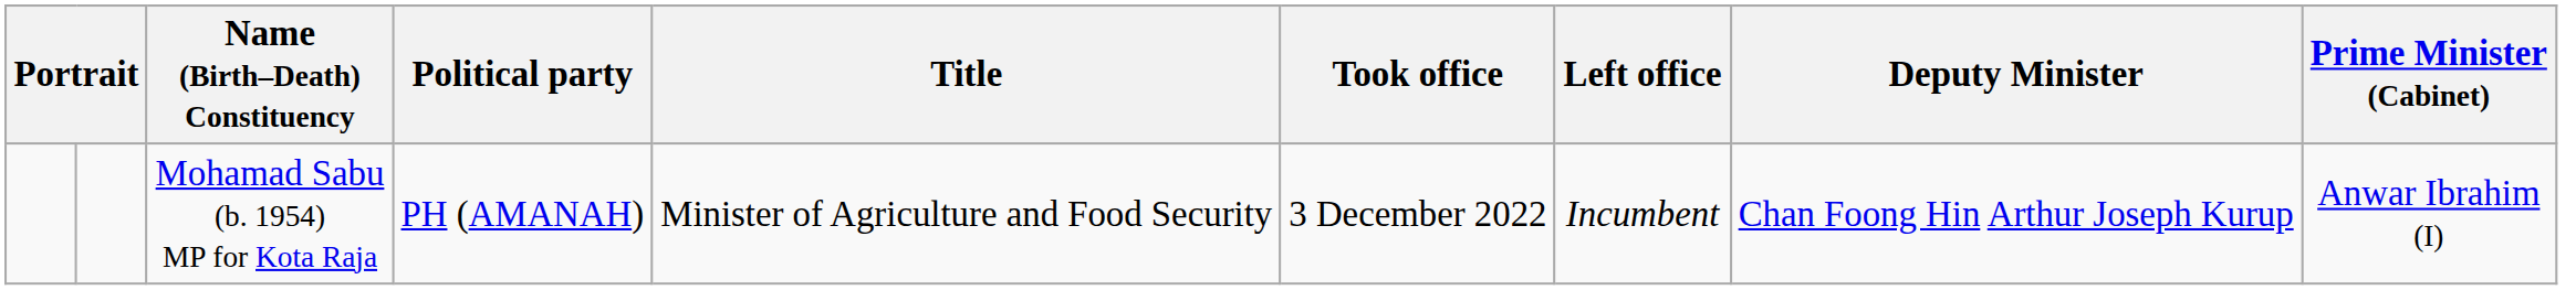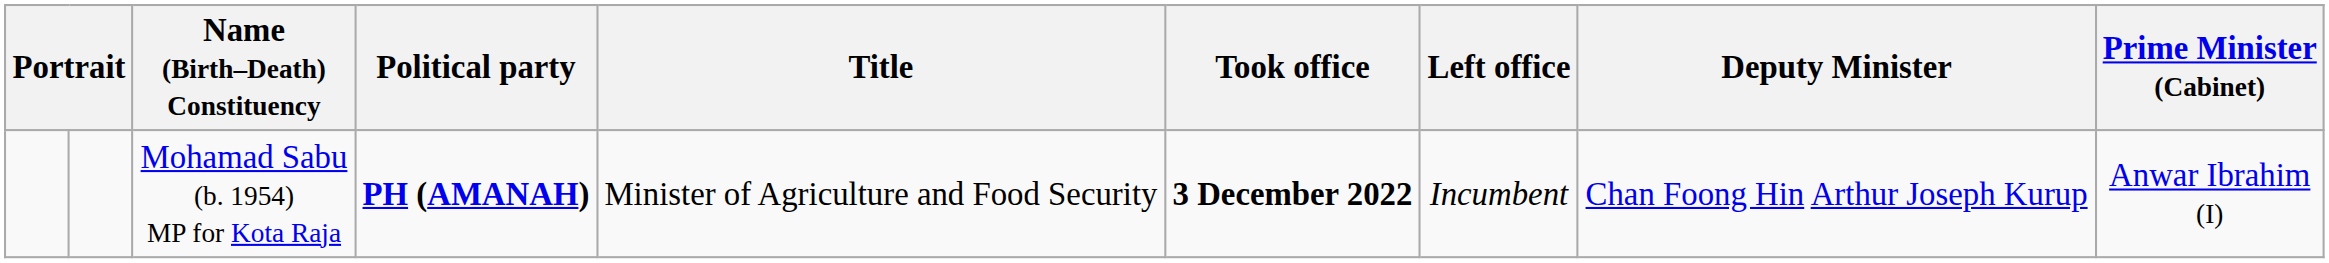 <table class="wikitable" style="text-align:center;">
 <tr>
 <th colspan=2>Portrait</th>
 <th>Name<br><small>(Birth–Death)<br>Constituency</small></th>
 <th>Political party</th>
 <th>Title</th>
 <th>Took office</th>
 <th>Left office</th>
 <th>Deputy Minister</th>
 <th><a href='#'>Prime Minister</a><br><small>(Cabinet)</small></th>
 </tr>
 <tr>
 <td ! style="background:"></td>
 <td></td>
 <td><a href='#'>Mohamad Sabu</a><br><small>(b. 1954)<br>MP for <a href='#'>Kota Raja</a></small></td>
-<td><a href='#'>PH</a> (<a href='#'>AMANAH</a>)</td>
+<td><strong><a href='#'>PH</a> (<a href='#'>AMANAH</a>)</strong></td>
 <td>Minister of Agriculture and Food Security</td>
-<td>3 December 2022</td>
+<td><strong>3 December 2022</strong></td>
 <td><em>Incumbent</em></td>
 <td><a href='#'>Chan Foong Hin</a> <a href='#'>Arthur Joseph Kurup</a> </td>
 <td><a href='#'>Anwar Ibrahim</a><br><small>(I)</small></td>
 </tr>
 </table>
